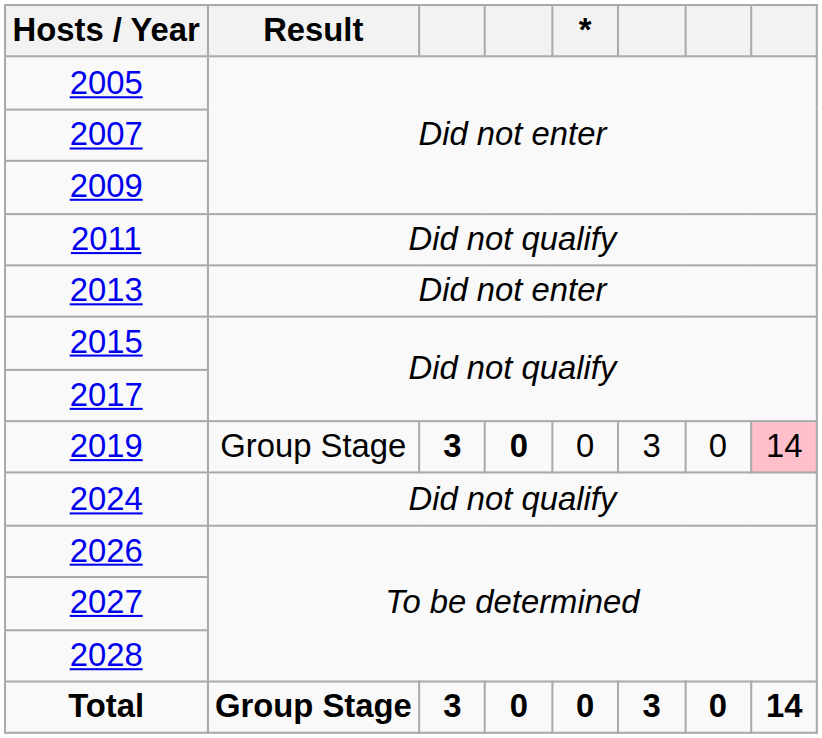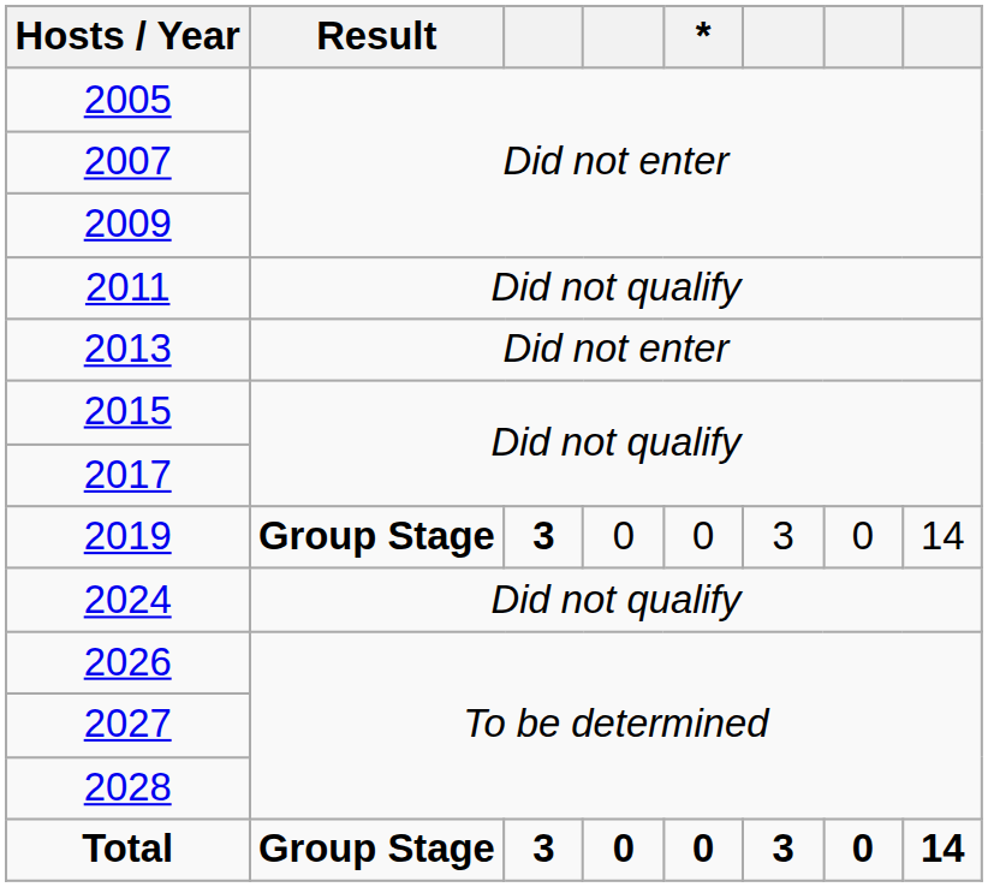 <table class="wikitable" style="text-align: center;">
 <tr>
 <th>Hosts / Year</th>
 <th>Result</th>
 <th width=25></th>
 <th width=25></th>
 <th width=25>*</th>
 <th width=25></th>
 <th width=25></th>
 <th width=25></th>
 </tr>
 <tr>
 <td> <a href='#'>2005</a></td>
 <td colspan="7" rowspan="3" align="center"><em>Did not enter</em></td>
 </tr>
 <tr>
 <td> <a href='#'>2007</a></td>
 </tr>
 <tr>
 <td> <a href='#'>2009</a></td>
 </tr>
 <tr>
 <td> <a href='#'>2011</a></td>
 <td colspan="7" align="center"><em>Did not qualify</em></td>
 </tr>
 <tr>
 <td> <a href='#'>2013</a></td>
 <td colspan="7" align="center"><em>Did not enter</em></td>
 </tr>
 <tr>
 <td> <a href='#'>2015</a></td>
 <td colspan="7" rowspan="2" align="center"><em>Did not qualify</em></td>
 </tr>
 <tr>
 <td> <a href='#'>2017</a></td>
 </tr>
 <tr>
 <td> <a href='#'>2019</a></td>
-<td>Group Stage</td>
+<td><strong>Group Stage</strong></td>
 <td><strong>3</strong></td>
-<td><strong>0</strong></td>
+<td>0</td>
 <td>0</td>
 <td>3</td>
 <td>0</td>
-<td style="background: pink;">14</td>
+<td>14</td>
 </tr>
 <tr>
 <td> <a href='#'>2024</a></td>
 <td colspan="7" align="center"><em>Did not qualify</em></td>
 </tr>
 <tr>
 <td> <a href='#'>2026</a></td>
 <td colspan="7" rowspan="3" align="center"><em>To be determined</em></td>
 </tr>
 <tr>
 <td> <a href='#'>2027</a></td>
 </tr>
 <tr>
 <td> <a href='#'>2028</a></td>
 </tr>
 <tr>
 <td><strong>Total</strong></td>
 <td><strong>Group Stage</strong></td>
 <td><strong>3</strong></td>
 <td><strong>0</strong></td>
 <td><strong>0</strong></td>
 <td><strong>3</strong></td>
 <td><strong>0</strong></td>
 <td><strong>14</strong></td>
 </tr>
 </table>
